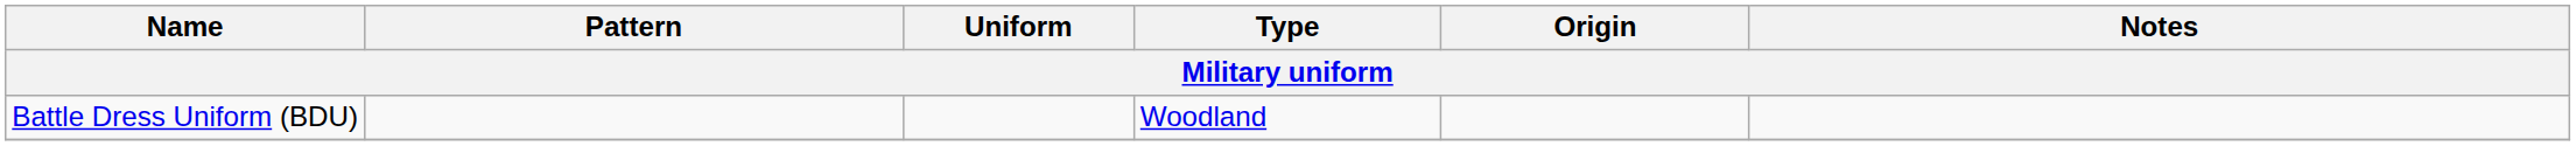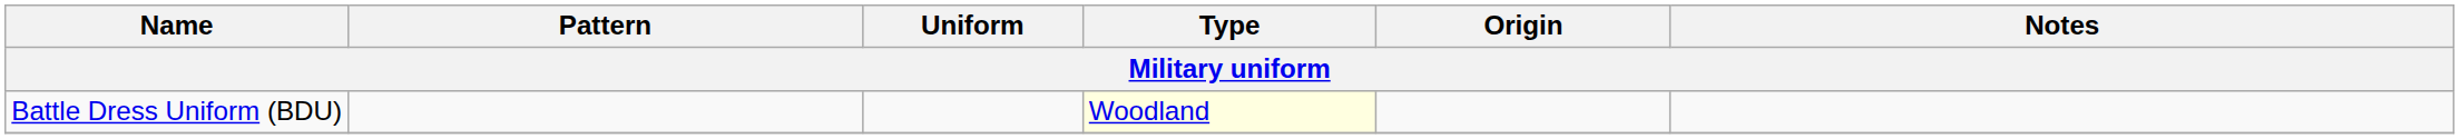 <table class="wikitable">
 <tr>
 <th style="width: 14%;">Name</th>
 <th style="width: 21%;">Pattern</th>
 <th>Uniform</th>
 <th style="width: 12%;">Type</th>
 <th style="width: 12%;">Origin</th>
 <th style="width: 32%;">Notes</th>
 </tr>
 <tr>
 <th colspan="6"><a href='#'>Military uniform</a></th>
 </tr>
 <tr>
 <td><a href='#'>Battle Dress Uniform</a> (BDU)</td>
 <td></td>
 <td></td>
-<td><a href='#'>Woodland</a></td>
+<td style="background: lightyellow;"><a href='#'>Woodland</a></td>
 <td></td>
 <td></td>
 </tr>
 <tr>
 </tr>
 </table>
